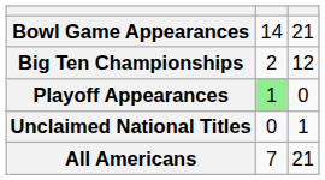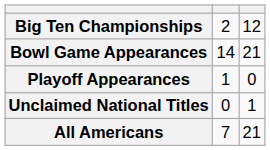 <table class="wikitable" style="float:right; clear:right; margin-left:1em; font-size:88%;">
 <tr>
 <th></th>
 <th><a href='#'></a></th>
 <th><a href='#'></a></th>
 </tr>
 <tr>
+<th scope=row>Big Ten Championships</th>
+<td align=center>2</td>
+<td align=center>12</td>
+</tr>
+<tr>
 <th scope=row>Bowl Game Appearances</th>
 <td align=center>14</td>
 <td align="center">21</td>
 </tr>
 <tr>
-<th scope=row>Big Ten Championships</th>
-<td align=center>2</td>
-<td align=center>12</td>
-</tr>
-<tr>
 <th>Playoff Appearances</th>
-<td align=center style="background: lightgreen;">1</td>
+<td align=center>1</td>
 <td align=center>0</td>
 </tr>
 <tr>
 <th>Unclaimed National Titles</th>
 <td align=center>0</td>
 <td align=center>1</td>
 </tr>
 <tr>
 <th scope=row>All Americans</th>
 <td align=center>7</td>
 <td align=center>21</td>
 </tr>
 </table>
